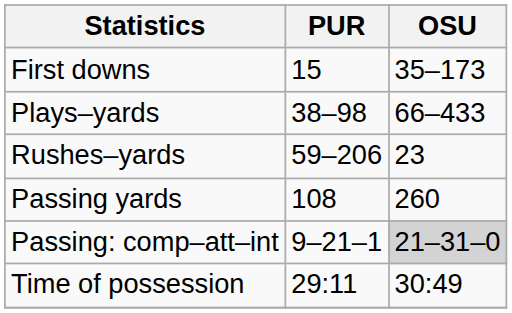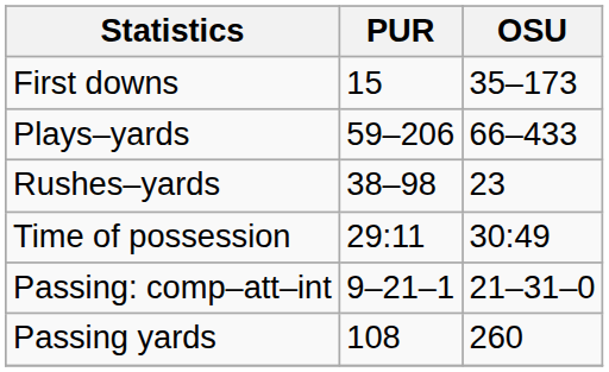 <table class="wikitable" style="float: left;">
 <tr>
 <th>Statistics</th>
 <th>PUR</th>
 <th>OSU</th>
 </tr>
 <tr>
 <td>First downs</td>
 <td>15</td>
 <td>35–173</td>
 </tr>
 <tr>
 <td>Plays–yards</td>
-<td>38–98</td>
+<td>59–206</td>
 <td>66–433</td>
 </tr>
 <tr>
 <td>Rushes–yards</td>
-<td>59–206</td>
+<td>38–98</td>
 <td>23</td>
+</tr>
+<tr>
+<td>Time of possession</td>
+<td>29:11</td>
+<td>30:49</td>
+</tr>
+<tr>
+<td>Passing: comp–att–int</td>
+<td>9–21–1</td>
+<td>21–31–0</td>
 </tr>
 <tr>
 <td>Passing yards</td>
 <td>108</td>
 <td>260</td>
 </tr>
 <tr>
-<td>Passing: comp–att–int</td>
-<td>9–21–1</td>
-<td style="background: lightgrey;">21–31–0</td>
-</tr>
-<tr>
-<td>Time of possession</td>
-<td>29:11</td>
-<td>30:49</td>
-</tr>
-<tr>
 </tr>
 </table>
